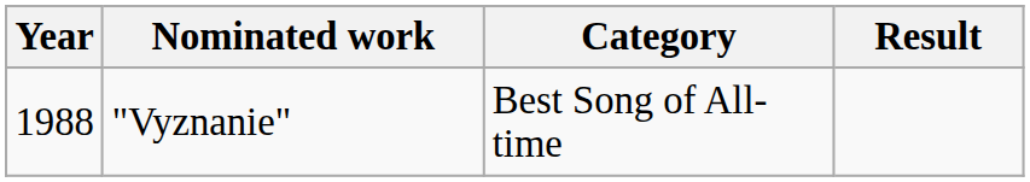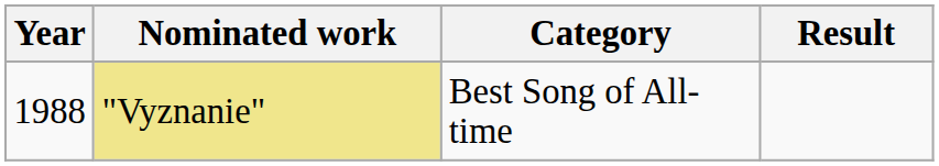 <table class="wikitable">
 <tr>
 <th style="width:32px;">Year</th>
 <th style="width:147px;">Nominated work</th>
 <th style="width:135px;">Category</th>
 <th style="width:69px;">Result</th>
 </tr>
 <tr>
 <td>1988</td>
-<td>"Vyznanie"</td>
+<td style="background: khaki;">"Vyznanie"</td>
 <td>Best Song of All-time</td>
 <td></td>
 </tr>
 </table>
